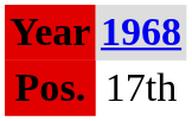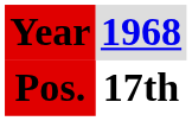 <table class="toccolours" border="0" cellpadding="2" cellspacing="0" align="left" style="margin:0.5em;">
 <tr>
 <th align=center style="background-color: #E00000;"><span>Year</span></th>
 <th align=center style="background-color: #ddd;"><a href='#'>1968</a></th>
 </tr>
 <tr>
 <th align=center style="background-color: #E00000;"><span>Pos.</span></th>
-<td align="center">17th</td>
+<td align="center"><strong>17th</strong></td>
 </tr>
 </table>
